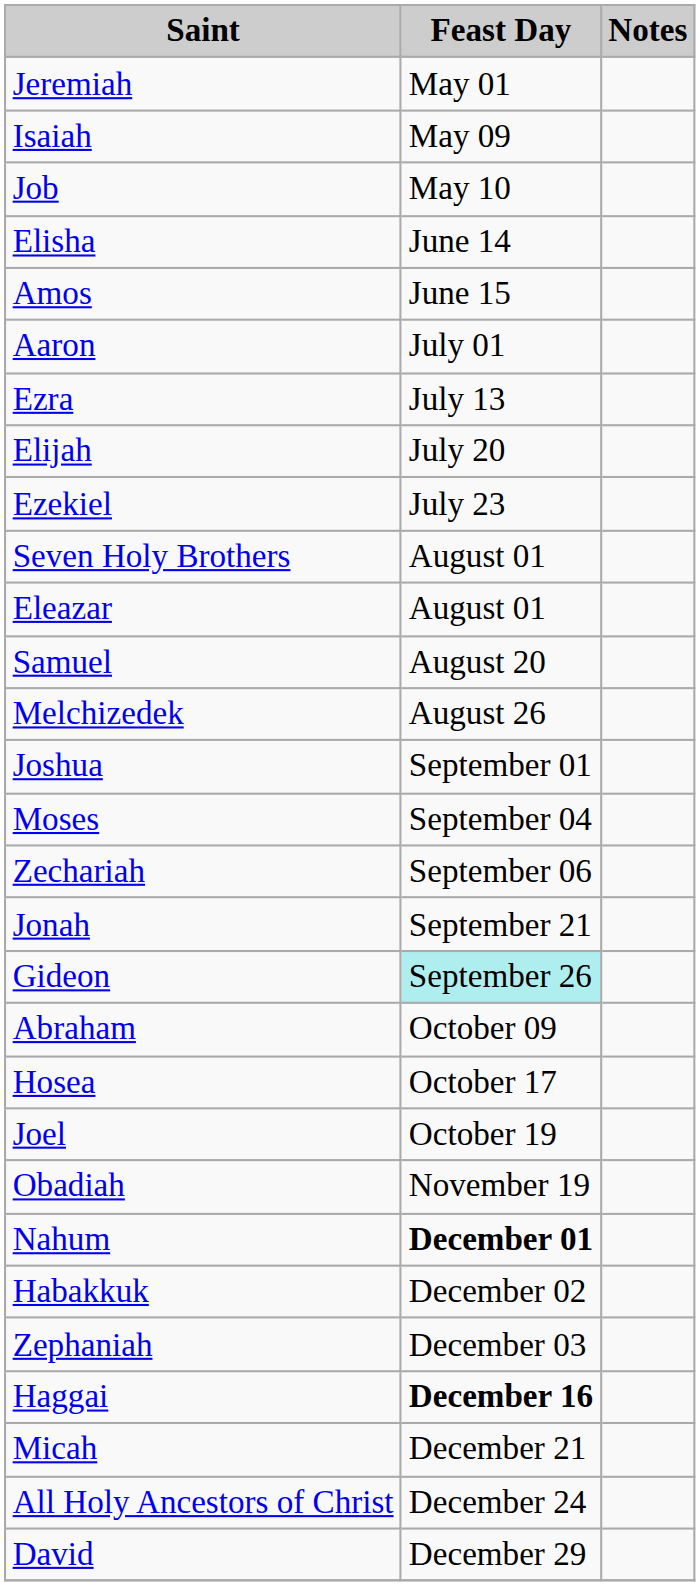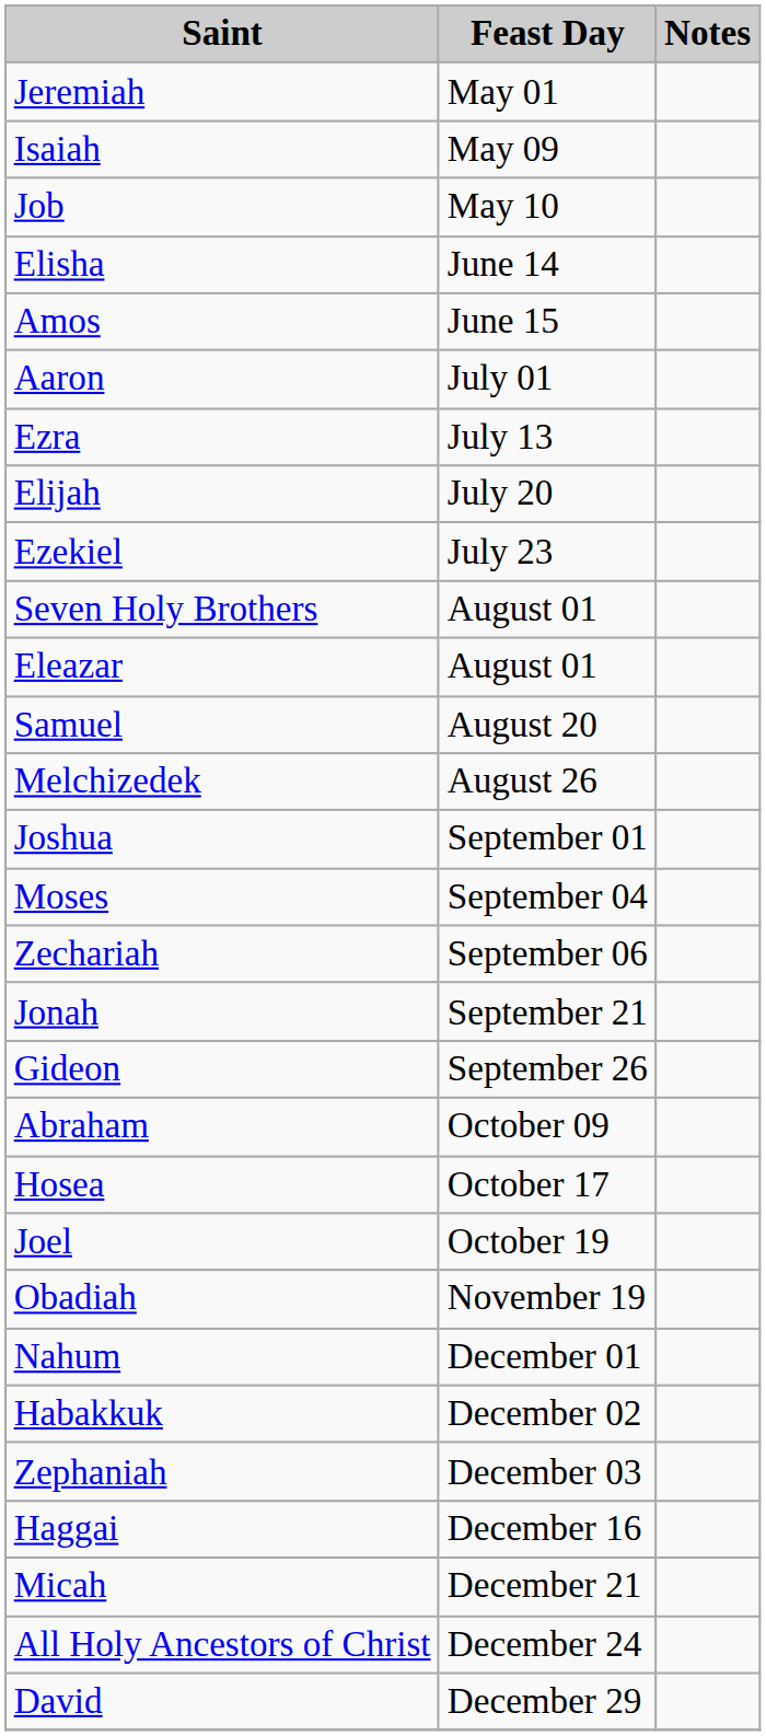 <table class="wikitable sortable">
 <tr>
 <th style="background-color:#cdcdcd">Saint</th>
 <th style="background-color:#cdcdcd">Feast Day</th>
 <th style="background-color:#cdcdcd">Notes</th>
 </tr>
 <tr>
 <td><a href='#'>Jeremiah</a></td>
 <td>May 01 </td>
 <td></td>
 </tr>
 <tr>
 <td><a href='#'>Isaiah</a></td>
 <td>May 09 </td>
 <td></td>
 </tr>
 <tr>
 <td><a href='#'>Job</a></td>
 <td>May 10 </td>
 <td></td>
 </tr>
 <tr>
 <td><a href='#'>Elisha</a></td>
 <td>June 14 </td>
 <td></td>
 </tr>
 <tr>
 <td><a href='#'>Amos</a></td>
 <td>June 15 </td>
 <td></td>
 </tr>
 <tr>
 <td><a href='#'>Aaron</a></td>
 <td>July 01 </td>
 <td></td>
 </tr>
 <tr>
 <td><a href='#'>Ezra</a></td>
 <td>July 13 </td>
 <td></td>
 </tr>
 <tr>
 <td><a href='#'>Elijah</a></td>
 <td>July 20 </td>
 <td></td>
 </tr>
 <tr>
 <td><a href='#'>Ezekiel</a></td>
 <td>July 23 </td>
 <td></td>
 </tr>
 <tr>
 <td><a href='#'>Seven Holy Brothers</a></td>
 <td>August 01 </td>
 <td></td>
 </tr>
 <tr>
 <td><a href='#'>Eleazar</a></td>
 <td>August 01 </td>
 <td></td>
 </tr>
 <tr>
 <td><a href='#'>Samuel</a></td>
 <td>August 20 </td>
 <td></td>
 </tr>
 <tr>
 <td><a href='#'>Melchizedek</a></td>
 <td>August 26 </td>
 <td></td>
 </tr>
 <tr>
 <td><a href='#'>Joshua</a></td>
 <td>September 01 </td>
 <td></td>
 </tr>
 <tr>
 <td><a href='#'>Moses</a></td>
 <td>September 04 </td>
 <td></td>
 </tr>
 <tr>
 <td><a href='#'>Zechariah</a></td>
 <td>September 06 </td>
 <td></td>
 </tr>
 <tr>
 <td><a href='#'>Jonah</a></td>
 <td>September 21 </td>
 <td></td>
 </tr>
 <tr>
 <td><a href='#'>Gideon</a></td>
-<td style="background: paleturquoise;">September 26 </td>
+<td>September 26 </td>
 <td></td>
 </tr>
 <tr>
 <td><a href='#'>Abraham</a></td>
 <td>October 09 </td>
 <td></td>
 </tr>
 <tr>
 <td><a href='#'>Hosea</a></td>
 <td>October 17 </td>
 <td></td>
 </tr>
 <tr>
 <td><a href='#'>Joel</a></td>
 <td>October 19 </td>
 <td></td>
 </tr>
 <tr>
 <td><a href='#'>Obadiah</a></td>
 <td>November 19 </td>
 <td></td>
 </tr>
 <tr>
 <td><a href='#'>Nahum</a></td>
-<td><strong>December 01 </strong></td>
+<td>December 01 </td>
 <td></td>
 </tr>
 <tr>
 <td><a href='#'>Habakkuk</a></td>
 <td>December 02 </td>
 <td></td>
 </tr>
 <tr>
 <td><a href='#'>Zephaniah</a></td>
 <td>December 03 </td>
 <td></td>
 </tr>
 <tr>
 <td><a href='#'>Haggai</a></td>
-<td><strong>December 16 </strong></td>
+<td>December 16 </td>
 <td></td>
 </tr>
 <tr>
 <td><a href='#'>Micah</a></td>
 <td>December 21 </td>
 <td></td>
 </tr>
 <tr>
 <td><a href='#'>All Holy Ancestors of Christ</a></td>
 <td>December 24 </td>
 <td></td>
 </tr>
 <tr>
 <td><a href='#'>David</a></td>
 <td>December 29 </td>
 <td></td>
 </tr>
 <tr>
 </tr>
 </table>
